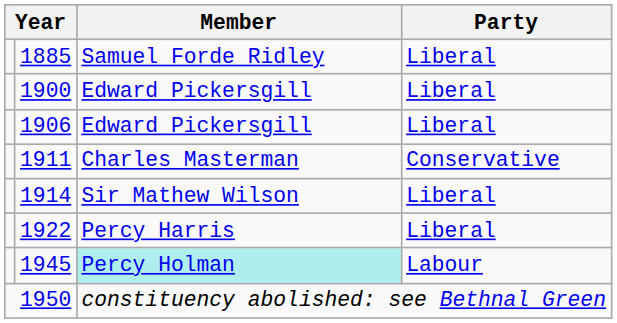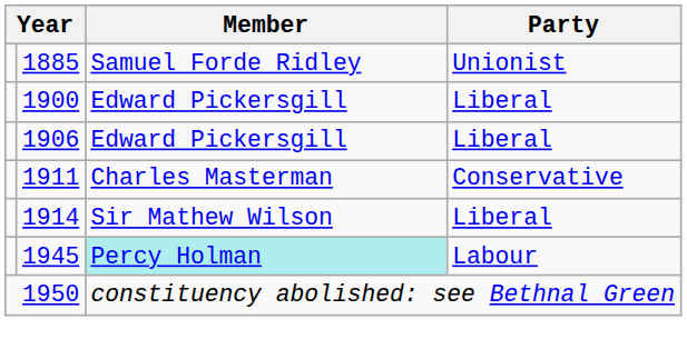 <table class="wikitable">
 <tr>
 <th colspan="2">Year</th>
 <th>Member</th>
 <th>Party</th>
 </tr>
 <tr>
 <td style="color:inherit;background-color: "></td>
 <td><a href='#'>1885</a></td>
 <td><a href='#'>Samuel Forde Ridley</a></td>
-<td><a href='#'>Liberal</a></td>
+<td><a href='#'>Unionist</a></td>
 </tr>
 <tr>
 <td style="color:inherit;background-color: "></td>
 <td><a href='#'>1900</a></td>
 <td><a href='#'>Edward Pickersgill</a></td>
 <td><a href='#'>Liberal</a></td>
 </tr>
 <tr>
 <td style="color:inherit;background-color: "></td>
 <td><a href='#'>1906</a></td>
 <td><a href='#'>Edward Pickersgill</a></td>
 <td><a href='#'>Liberal</a></td>
 </tr>
 <tr>
 <td style="color:inherit;background-color: "></td>
 <td><a href='#'>1911</a></td>
 <td><a href='#'>Charles Masterman</a></td>
 <td><a href='#'>Conservative</a></td>
 </tr>
 <tr>
 <td style="color:inherit;background-color: "></td>
 <td><a href='#'>1914</a></td>
 <td><a href='#'>Sir Mathew Wilson</a></td>
 <td><a href='#'>Liberal</a></td>
 </tr>
 <tr>
 <td style="color:inherit;background-color: "></td>
-<td><a href='#'>1922</a></td>
-<td><a href='#'>Percy Harris</a></td>
-<td><a href='#'>Liberal</a></td>
-</tr>
-<tr>
-<td style="color:inherit;background-color: "></td>
 <td><a href='#'>1945</a></td>
 <td style="background: paleturquoise;"><a href='#'>Percy Holman</a></td>
 <td><a href='#'>Labour</a></td>
 </tr>
 <tr>
 <td colspan="2" align="right"><a href='#'>1950</a></td>
 <td colspan="2"><em>constituency abolished: see <a href='#'>Bethnal Green</a> </em></td>
 </tr>
 </table>
